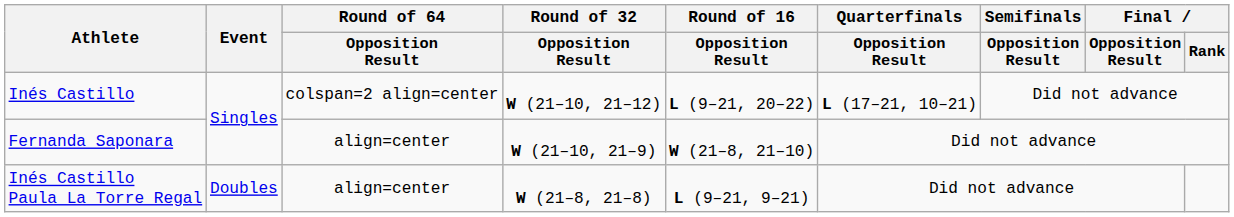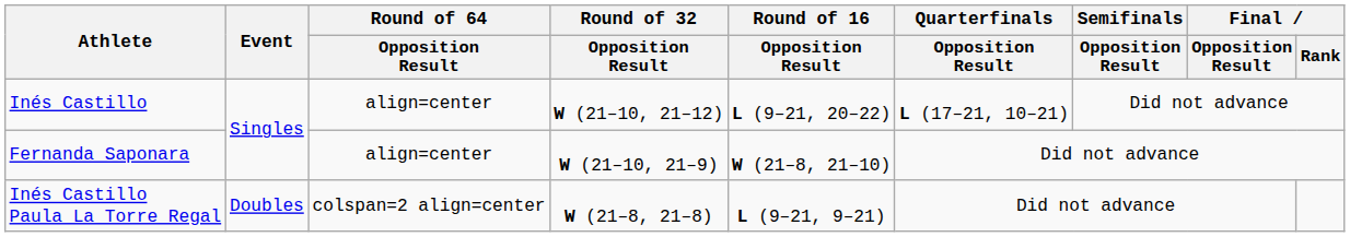 <table class=wikitable style=font-size:90%;text-align:center>
 <tr>
 <th rowspan=2>Athlete</th>
 <th rowspan=2>Event</th>
 <th>Round of 64</th>
 <th>Round of 32</th>
 <th>Round of 16</th>
 <th>Quarterfinals</th>
 <th>Semifinals</th>
 <th colspan=2>Final / </th>
 </tr>
 <tr style=font-size:95%>
 <th>Opposition<br>Result</th>
 <th>Opposition<br>Result</th>
 <th>Opposition<br>Result</th>
 <th>Opposition<br>Result</th>
 <th>Opposition<br>Result</th>
 <th>Opposition<br>Result</th>
 <th>Rank</th>
 </tr>
 <tr>
 <td align=left><a href='#'>Inés Castillo</a></td>
 <td align=left rowspan=2><a href='#'>Singles</a></td>
-<td>colspan=2 align=center </td>
+<td>align=center </td>
 <td><br><strong>W</strong> (21–10, 21–12)</td>
 <td><br><strong>L</strong> (9–21, 20–22)</td>
 <td><br><strong>L</strong> (17–21, 10–21)</td>
 <td colspan=3>Did not advance</td>
 </tr>
 <tr>
 <td align=left><a href='#'>Fernanda Saponara</a></td>
 <td>align=center </td>
 <td><br><strong>W</strong> (21–10, 21–9)</td>
 <td><br><strong>W</strong> (21–8, 21–10)</td>
 <td colspan=4>Did not advance</td>
 </tr>
 <tr>
 <td align=left><a href='#'>Inés Castillo</a><br><a href='#'>Paula La Torre Regal</a></td>
 <td align=left rowspan=2><a href='#'>Doubles</a></td>
-<td>align=center </td>
+<td>colspan=2 align=center </td>
 <td><br><strong>W</strong> (21–8, 21–8)</td>
 <td><br><strong>L</strong> (9–21, 9–21)</td>
 <td colspan=3>Did not advance</td>
 </tr>
 </table>
